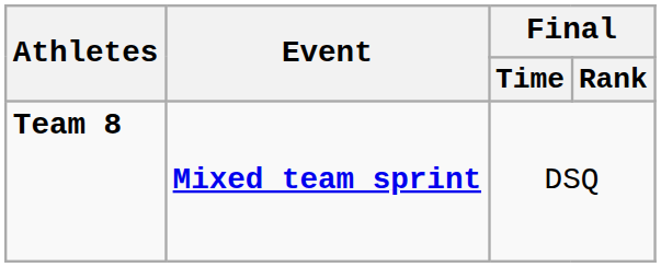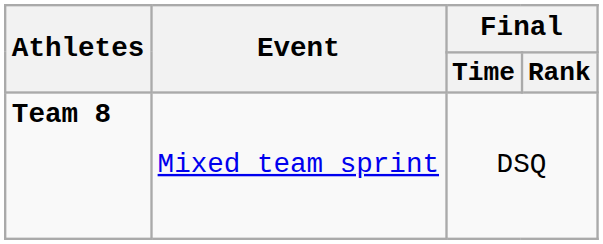 <table class="wikitable" style="font-size:90%">
 <tr>
 <th rowspan=2>Athletes</th>
 <th rowspan=2>Event</th>
 <th colspan=2>Final</th>
 </tr>
 <tr style="font-size:95%">
 <th>Time</th>
 <th>Rank</th>
 </tr>
 <tr align=center>
 <td align=left><strong>Team 8</strong><br><br><br><br></td>
-<td align=left><strong><a href='#'>Mixed team sprint</a></strong></td>
+<td align=left><a href='#'>Mixed team sprint</a></td>
 <td colspan=2>DSQ</td>
 </tr>
 </table>
